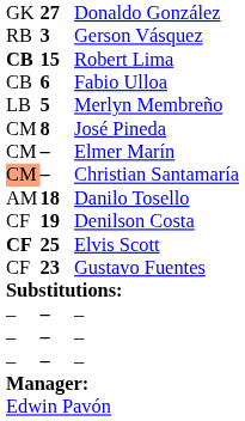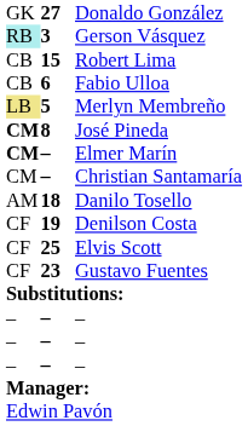 <table style="font-size: 90%" cellspacing="0" cellpadding="0">
 <tr>
 <td colspan=4></td>
 </tr>
 <tr>
 <th width="25"></th>
 <th width="25"></th>
 </tr>
 <tr>
 <td>GK</td>
 <td><strong>27</strong></td>
 <td> <a href='#'>Donaldo González</a></td>
 </tr>
 <tr>
-<td>RB</td>
+<td style="background: paleturquoise;">RB</td>
 <td><strong>3</strong></td>
 <td> <a href='#'>Gerson Vásquez</a></td>
 </tr>
 <tr>
-<td><strong>CB</strong></td>
+<td>CB</td>
 <td><strong>15</strong></td>
 <td> <a href='#'>Robert Lima</a></td>
 </tr>
 <tr>
 <td>CB</td>
 <td><strong>6</strong></td>
 <td> <a href='#'>Fabio Ulloa</a></td>
 </tr>
 <tr>
-<td>LB</td>
+<td style="background: khaki;">LB</td>
 <td><strong>5</strong></td>
 <td> <a href='#'>Merlyn Membreño</a></td>
 </tr>
 <tr>
-<td>CM</td>
+<td><strong>CM</strong></td>
 <td><strong>8</strong></td>
 <td> <a href='#'>José Pineda</a></td>
 </tr>
 <tr>
-<td>CM</td>
+<td><strong>CM</strong></td>
 <td><strong>–</strong></td>
 <td> <a href='#'>Elmer Marín</a></td>
 </tr>
 <tr>
-<td style="background: lightsalmon;">CM</td>
+<td>CM</td>
 <td><strong>–</strong></td>
 <td> <a href='#'>Christian Santamaría</a></td>
 </tr>
 <tr>
 <td>AM</td>
 <td><strong>18</strong></td>
 <td> <a href='#'>Danilo Tosello</a></td>
 </tr>
 <tr>
 <td>CF</td>
 <td><strong>19</strong></td>
 <td> <a href='#'>Denilson Costa</a></td>
 </tr>
 <tr>
-<td><strong>CF</strong></td>
+<td>CF</td>
 <td><strong>25</strong></td>
 <td> <a href='#'>Elvis Scott</a></td>
 </tr>
 <tr>
 <td>CF</td>
 <td><strong>23</strong></td>
 <td> <a href='#'>Gustavo Fuentes</a></td>
 </tr>
 <tr>
 <td colspan=3><strong>Substitutions:</strong></td>
 </tr>
 <tr>
 <td>–</td>
 <td><strong>–</strong></td>
 <td>–</td>
 </tr>
 <tr>
 <td>–</td>
 <td><strong>–</strong></td>
 <td>–</td>
 </tr>
 <tr>
 <td>–</td>
 <td><strong>–</strong></td>
 <td>–</td>
 </tr>
 <tr>
 <td colspan=3><strong>Manager:</strong></td>
 </tr>
 <tr>
 <td colspan=3> <a href='#'>Edwin Pavón</a></td>
 </tr>
 </table>
